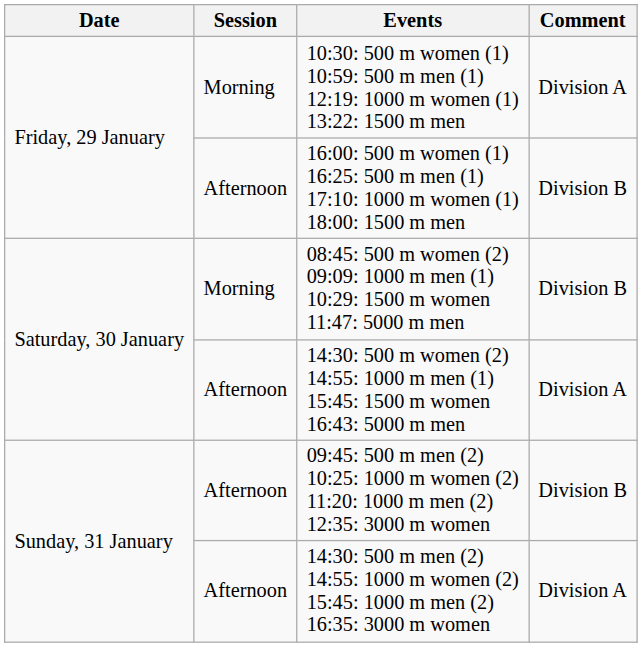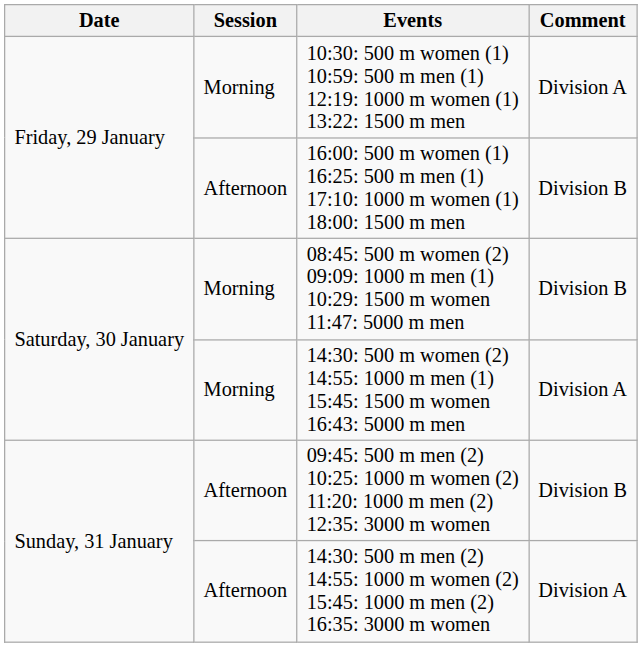 <table class="wikitable" border="1">
 <tr>
 <th> Date </th>
 <th> Session </th>
 <th> Events </th>
 <th> Comment </th>
 </tr>
 <tr>
 <td rowspan=2> Friday, 29 January </td>
 <td> Morning </td>
 <td> 10:30: 500 m women (1) <br> 10:59: 500 m men (1) <br> 12:19: 1000 m women (1)<br> 13:22: 1500 m men </td>
 <td> Division A </td>
 </tr>
 <tr>
 <td> Afternoon </td>
 <td> 16:00: 500 m women (1) <br> 16:25: 500 m men (1) <br> 17:10: 1000 m women (1)<br> 18:00: 1500 m men </td>
 <td> Division B </td>
 </tr>
 <tr>
 <td rowspan=2> Saturday, 30 January </td>
 <td> Morning </td>
 <td> 08:45: 500 m women (2) <br> 09:09: 1000 m men (1) <br> 10:29: 1500 m women<br> 11:47: 5000 m men </td>
 <td> Division B </td>
 </tr>
 <tr>
-<td> Afternoon </td>
+<td> Morning </td>
 <td> 14:30: 500 m women (2) <br> 14:55: 1000 m men (1) <br> 15:45: 1500 m women<br> 16:43: 5000 m men </td>
 <td> Division A </td>
 </tr>
 <tr>
 <td rowspan=2> Sunday, 31 January </td>
 <td> Afternoon </td>
 <td> 09:45: 500 m men (2) <br> 10:25: 1000 m women (2) <br> 11:20: 1000 m men (2)<br> 12:35: 3000 m women </td>
 <td> Division B </td>
 </tr>
 <tr>
 <td> Afternoon </td>
 <td> 14:30: 500 m men (2) <br> 14:55: 1000 m women (2) <br> 15:45: 1000 m men (2)<br> 16:35: 3000 m women </td>
 <td> Division A </td>
 </tr>
 </table>
